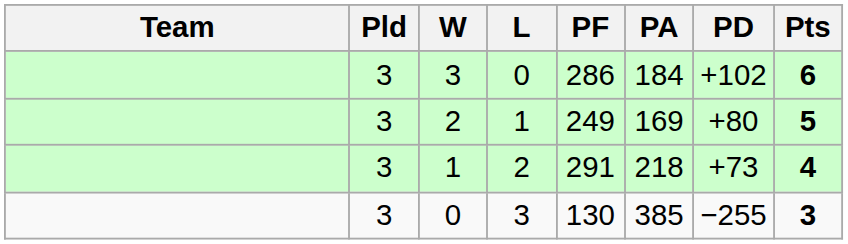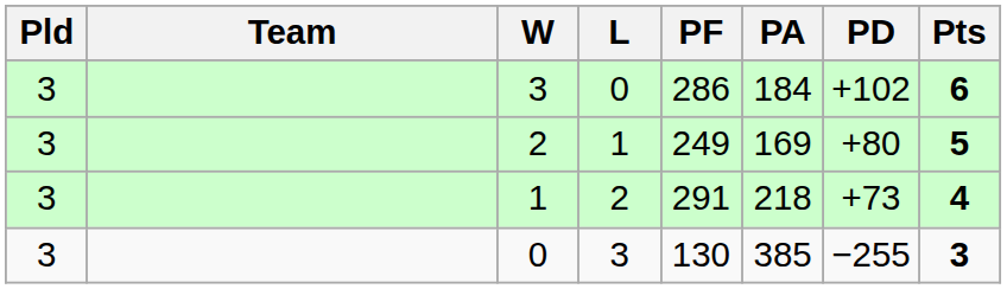 <table class=wikitable style="text-align:center">
 <tr>
+<th width=30>Pld</th>
 <th width=180>Team</th>
-<th width=30>Pld</th>
 <th width=30>W</th>
 <th width=30>L</th>
 <th width=30>PF</th>
 <th width=30>PA</th>
 <th width=30>PD</th>
 <th width=30>Pts</th>
 </tr>
 <tr align=center bgcolor="#ccffcc">
+<td>3</td>
 <td align=left></td>
-<td>3</td>
 <td>3</td>
 <td>0</td>
 <td>286</td>
 <td>184</td>
 <td>+102</td>
 <td><strong>6</strong></td>
 </tr>
 <tr align=center bgcolor="#ccffcc">
+<td>3</td>
 <td align=left></td>
-<td>3</td>
 <td>2</td>
 <td>1</td>
 <td>249</td>
 <td>169</td>
 <td>+80</td>
 <td><strong>5</strong></td>
 </tr>
 <tr align=center bgcolor="#ccffcc">
+<td>3</td>
 <td align=left></td>
-<td>3</td>
 <td>1</td>
 <td>2</td>
 <td>291</td>
 <td>218</td>
 <td>+73</td>
 <td><strong>4</strong></td>
 </tr>
 <tr align=center>
+<td>3</td>
 <td align=left></td>
-<td>3</td>
 <td>0</td>
 <td>3</td>
 <td>130</td>
 <td>385</td>
 <td>−255</td>
 <td><strong>3</strong></td>
 </tr>
 </table>
